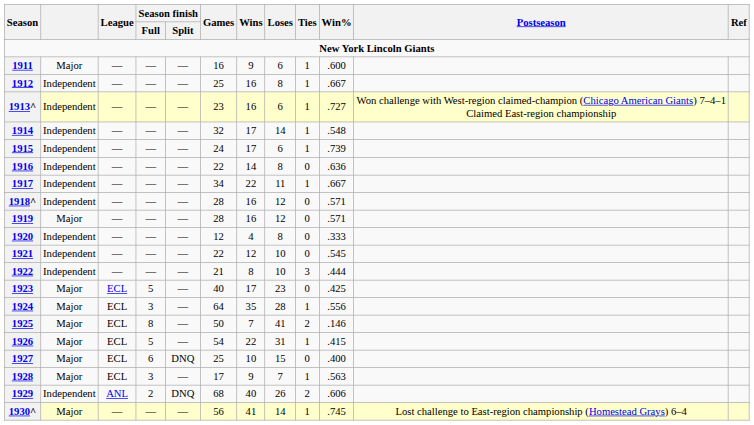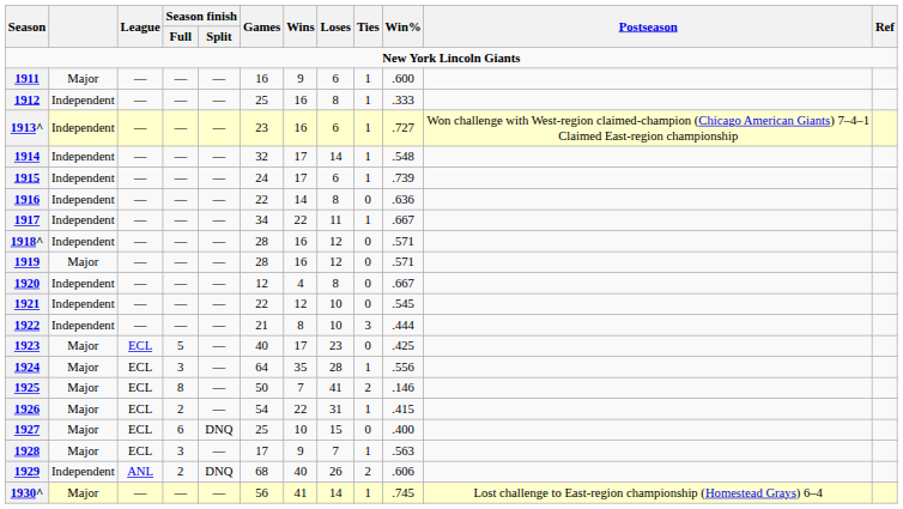 <table class="wikitable sortable" style="text-align:center; font-size:95%">
 <tr>
 <th rowspan="2">Season</th>
 <th rowspan="2"></th>
 <th rowspan="2">League</th>
 <th colspan="2">Season finish</th>
 <th rowspan="2">Games</th>
 <th rowspan="2">Wins</th>
 <th rowspan="2">Loses</th>
 <th rowspan="2">Ties</th>
 <th rowspan="2">Win%</th>
 <th rowspan="2"><a href='#'>Postseason</a></th>
 <th rowspan="2">Ref</th>
 </tr>
 <tr>
 <th>Full</th>
 <th>Split</th>
 </tr>
 <tr>
 <td align="center" colspan="12"><strong>New York Lincoln Giants</strong></td>
 </tr>
 <tr>
 <th><a href='#'>1911</a></th>
 <td>Major</td>
 <td>—</td>
 <td>—</td>
 <td>—</td>
 <td>16</td>
 <td>9</td>
 <td>6</td>
 <td>1</td>
 <td>.600</td>
 <td></td>
 <td></td>
 </tr>
 <tr>
 <th><a href='#'>1912</a></th>
 <td>Independent</td>
 <td>—</td>
 <td>—</td>
 <td>—</td>
 <td>25</td>
 <td>16</td>
 <td>8</td>
 <td>1</td>
-<td>.667</td>
+<td>.333</td>
 <td></td>
 <td></td>
 </tr>
 <tr bgcolor="#FFFFCC">
 <th><a href='#'>1913</a>^</th>
 <td>Independent</td>
 <td>—</td>
 <td>—</td>
 <td>—</td>
 <td>23</td>
 <td>16</td>
 <td>6</td>
 <td>1</td>
 <td>.727</td>
 <td>Won challenge with West-region claimed-champion (<a href='#'>Chicago American Giants</a>) 7–4–1<br>Claimed East-region championship</td>
 <td></td>
 </tr>
 <tr>
 <th><a href='#'>1914</a></th>
 <td>Independent</td>
 <td>—</td>
 <td>—</td>
 <td>—</td>
 <td>32</td>
 <td>17</td>
 <td>14</td>
 <td>1</td>
 <td>.548</td>
 <td></td>
 <td></td>
 </tr>
 <tr>
 <th><a href='#'>1915</a></th>
 <td>Independent</td>
 <td>—</td>
 <td>—</td>
 <td>—</td>
 <td>24</td>
 <td>17</td>
 <td>6</td>
 <td>1</td>
 <td>.739</td>
 <td></td>
 <td></td>
 </tr>
 <tr>
 <th><a href='#'>1916</a></th>
 <td>Independent</td>
 <td>—</td>
 <td>—</td>
 <td>—</td>
 <td>22</td>
 <td>14</td>
 <td>8</td>
 <td>0</td>
 <td>.636</td>
 <td></td>
 <td></td>
 </tr>
 <tr>
 <th><a href='#'>1917</a></th>
 <td>Independent</td>
 <td>—</td>
 <td>—</td>
 <td>—</td>
 <td>34</td>
 <td>22</td>
 <td>11</td>
 <td>1</td>
 <td>.667</td>
 <td></td>
 <td></td>
 </tr>
 <tr>
 <th><a href='#'>1918</a>^</th>
 <td>Independent</td>
 <td>—</td>
 <td>—</td>
 <td>—</td>
 <td>28</td>
 <td>16</td>
 <td>12</td>
 <td>0</td>
 <td>.571</td>
 <td></td>
 <td></td>
 </tr>
 <tr>
 <th><a href='#'>1919</a></th>
 <td>Major</td>
 <td>—</td>
 <td>—</td>
 <td>—</td>
 <td>28</td>
 <td>16</td>
 <td>12</td>
 <td>0</td>
 <td>.571</td>
 <td></td>
 <td></td>
 </tr>
 <tr>
 <th><a href='#'>1920</a></th>
 <td>Independent</td>
 <td>—</td>
 <td>—</td>
 <td>—</td>
 <td>12</td>
 <td>4</td>
 <td>8</td>
 <td>0</td>
-<td>.333</td>
+<td>.667</td>
 <td></td>
 <td></td>
 </tr>
 <tr>
 <th><a href='#'>1921</a></th>
 <td>Independent</td>
 <td>—</td>
 <td>—</td>
 <td>—</td>
 <td>22</td>
 <td>12</td>
 <td>10</td>
 <td>0</td>
 <td>.545</td>
 <td></td>
 <td></td>
 </tr>
 <tr>
 <th><a href='#'>1922</a></th>
 <td>Independent</td>
 <td>—</td>
 <td>—</td>
 <td>—</td>
 <td>21</td>
 <td>8</td>
 <td>10</td>
 <td>3</td>
 <td>.444</td>
 <td></td>
 <td></td>
 </tr>
 <tr>
 <th><a href='#'>1923</a></th>
 <td>Major</td>
 <td><a href='#'>ECL</a></td>
 <td>5</td>
 <td>—</td>
 <td>40</td>
 <td>17</td>
 <td>23</td>
 <td>0</td>
 <td>.425</td>
 <td></td>
 <td></td>
 </tr>
 <tr>
 <th><a href='#'>1924</a></th>
 <td>Major</td>
 <td>ECL</td>
 <td>3</td>
 <td>—</td>
 <td>64</td>
 <td>35</td>
 <td>28</td>
 <td>1</td>
 <td>.556</td>
 <td></td>
 <td></td>
 </tr>
 <tr>
 <th><a href='#'>1925</a></th>
 <td>Major</td>
 <td>ECL</td>
 <td>8</td>
 <td>—</td>
 <td>50</td>
 <td>7</td>
 <td>41</td>
 <td>2</td>
 <td>.146</td>
 <td></td>
 <td></td>
 </tr>
 <tr>
 <th><a href='#'>1926</a></th>
 <td>Major</td>
 <td>ECL</td>
-<td>5</td>
+<td>2</td>
 <td>—</td>
 <td>54</td>
 <td>22</td>
 <td>31</td>
 <td>1</td>
 <td>.415</td>
 <td></td>
 <td></td>
 </tr>
 <tr>
 <th><a href='#'>1927</a></th>
 <td>Major</td>
 <td>ECL</td>
 <td>6</td>
 <td>DNQ</td>
 <td>25</td>
 <td>10</td>
 <td>15</td>
 <td>0</td>
 <td>.400</td>
 <td></td>
 <td></td>
 </tr>
 <tr>
 <th><a href='#'>1928</a></th>
 <td>Major</td>
 <td>ECL</td>
 <td>3</td>
 <td>—</td>
 <td>17</td>
 <td>9</td>
 <td>7</td>
 <td>1</td>
 <td>.563</td>
 <td></td>
 <td></td>
 </tr>
 <tr>
 <th><a href='#'>1929</a></th>
 <td>Independent</td>
 <td><a href='#'>ANL</a></td>
 <td>2</td>
 <td>DNQ</td>
 <td>68</td>
 <td>40</td>
 <td>26</td>
 <td>2</td>
 <td>.606</td>
 <td></td>
 <td></td>
 </tr>
 <tr bgcolor="#FFFFCC">
 <th><a href='#'>1930</a>^</th>
 <td>Major</td>
 <td>—</td>
 <td>—</td>
 <td>—</td>
 <td>56</td>
 <td>41</td>
 <td>14</td>
 <td>1</td>
 <td>.745</td>
 <td>Lost challenge to East-region championship (<a href='#'>Homestead Grays</a>) 6–4</td>
 <td></td>
 </tr>
 </table>
